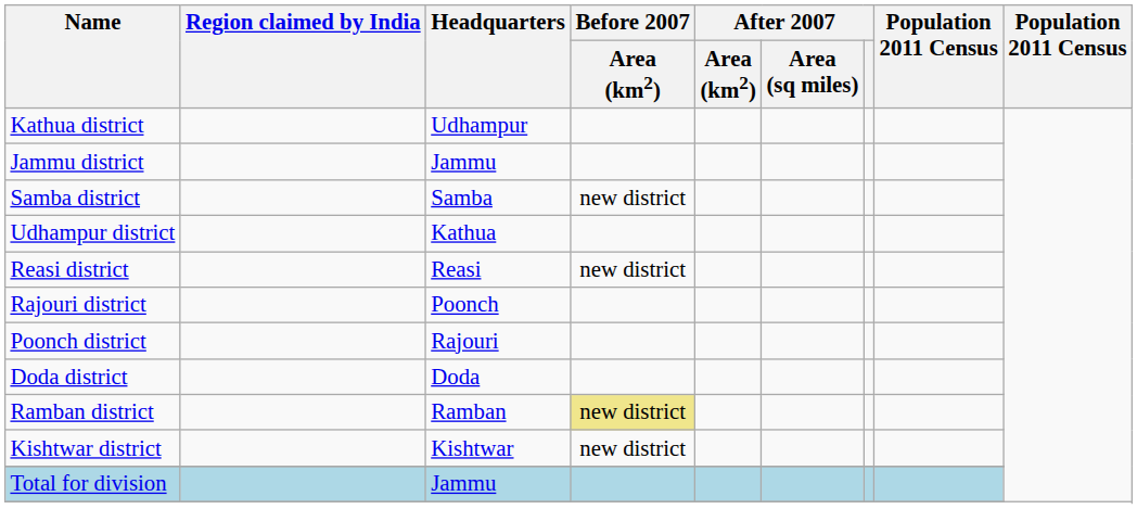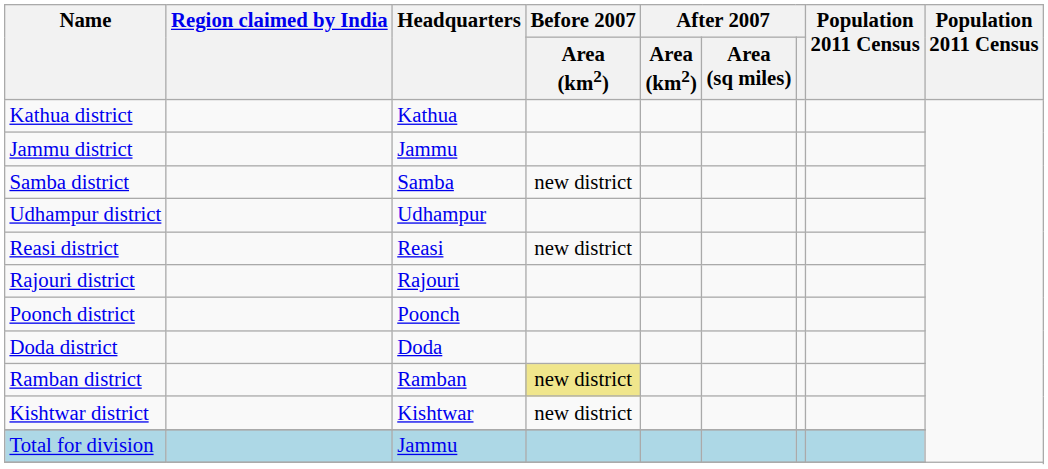 <table class="wikitable sortable" style="margin-bottom: 0;">
 <tr style="vertical-align:top;">
 <th rowspan=2>Name</th>
 <th rowspan=2 class=unsortable><a href='#'>Region claimed by India</a></th>
 <th rowspan=2 class=unsortable>Headquarters</th>
 <th>Before 2007</th>
 <th colspan=3>After 2007</th>
 <th rowspan=2>Population <br> 2011 Census</th>
 <th rowspan=2>Population <br> 2011 Census</th>
 </tr>
 <tr style="vertical-align:top;">
 <th>Area <br>(km<sup>2</sup>)</th>
 <th>Area <br>(km<sup>2</sup>)</th>
 <th class=unsortable>Area <br>(sq miles)</th>
 <th class=unsortable></th>
 </tr>
 <tr style="vertical-align:top;">
 <td><a href='#'>Kathua district</a></td>
 <td></td>
-<td><a href='#'>Udhampur</a></td>
+<td><a href='#'>Kathua</a></td>
 <td style="text-align:right;"></td>
 <td></td>
 <td></td>
 <td style="text-align:right;"></td>
 <td style="text-align:right;"></td>
 </tr>
 <tr style="vertical-align:top;">
 <td><a href='#'>Jammu district</a></td>
 <td></td>
 <td><a href='#'>Jammu</a></td>
 <td style="text-align:right;"></td>
 <td></td>
 <td></td>
 <td style="text-align:right;"></td>
 <td style="text-align:right;"></td>
 </tr>
 <tr style="vertical-align:top;">
 <td><a href='#'>Samba district</a></td>
 <td></td>
 <td><a href='#'>Samba</a></td>
 <td style="text-align:center;">new district</td>
 <td></td>
 <td></td>
 <td style="text-align:right;"></td>
 <td style="text-align:right;"></td>
 </tr>
 <tr style="vertical-align:top;">
 <td><a href='#'>Udhampur district</a></td>
 <td></td>
-<td><a href='#'>Kathua</a></td>
+<td><a href='#'>Udhampur</a></td>
 <td style="text-align:right;"></td>
 <td></td>
 <td></td>
 <td style="text-align:right;"></td>
 <td style="text-align:right;"></td>
 </tr>
 <tr style="vertical-align:top;">
 <td><a href='#'>Reasi district</a></td>
 <td></td>
 <td><a href='#'>Reasi</a></td>
 <td style="text-align:center;">new district</td>
 <td></td>
 <td></td>
 <td style="text-align:right;"></td>
 <td style="text-align:right;"></td>
 </tr>
 <tr style="vertical-align:top;">
 <td><a href='#'>Rajouri district</a></td>
 <td></td>
-<td><a href='#'>Poonch</a></td>
+<td><a href='#'>Rajouri</a></td>
 <td style="text-align:right;"></td>
 <td></td>
 <td></td>
 <td style="text-align:right;"></td>
 <td style="text-align:right;"></td>
 </tr>
 <tr style="vertical-align:top;">
 <td><a href='#'>Poonch district</a></td>
 <td></td>
-<td><a href='#'>Rajouri</a></td>
+<td><a href='#'>Poonch</a></td>
 <td style="text-align:right;"></td>
 <td></td>
 <td></td>
 <td style="text-align:right;"></td>
 <td style="text-align:right;"></td>
 </tr>
 <tr style="vertical-align:top;">
 <td><a href='#'>Doda district</a></td>
 <td></td>
 <td><a href='#'>Doda</a></td>
 <td style="text-align:right;"></td>
 <td></td>
 <td></td>
 <td style="text-align:right;"></td>
 <td style="text-align:right;"></td>
 </tr>
 <tr style="vertical-align:top;">
 <td><a href='#'>Ramban district</a></td>
 <td></td>
 <td><a href='#'>Ramban</a></td>
 <td style="background: khaki; text-align:center">new district</td>
 <td></td>
 <td></td>
 <td style="text-align:right;"></td>
 <td style="text-align:right;"></td>
 </tr>
 <tr style="vertical-align:top;">
 <td><a href='#'>Kishtwar district</a></td>
 <td></td>
 <td><a href='#'>Kishtwar</a></td>
 <td style="text-align:center">new district</td>
 <td></td>
 <td></td>
 <td style="text-align:right;"></td>
 <td style="text-align:right;"></td>
 </tr>
 <tr style="vertical-align:top;">
 </tr>
 <tr style="background:lightblue; vertical-align:top;" class=sortbottom>
 <td><a href='#'>Total for division</a></td>
 <td></td>
 <td><a href='#'>Jammu</a></td>
 <td style="text-align:right;"></td>
 <td></td>
 <td></td>
 <td style="text-align:center;"></td>
 <td style="text-align:center;"></td>
 </tr>
 <tr>
 </tr>
 </table>
